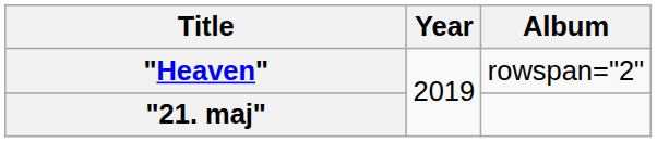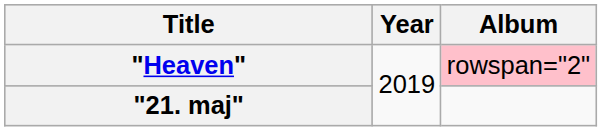 <table class="wikitable plainrowheaders" style="text-align:center;">
 <tr>
 <th scope="col" style="width:14em;">Title</th>
 <th scope="col" style="width:1em;">Year</th>
 <th scope="col">Album</th>
 </tr>
 <tr>
 <th scope="row">"<a href='#'>Heaven</a>"</th>
 <td rowspan="2">2019</td>
-<td>rowspan="2" </td>
+<td style="background: pink;">rowspan="2" </td>
 </tr>
 <tr>
 <th scope="row">"21. maj"</th>
 </tr>
 </table>
